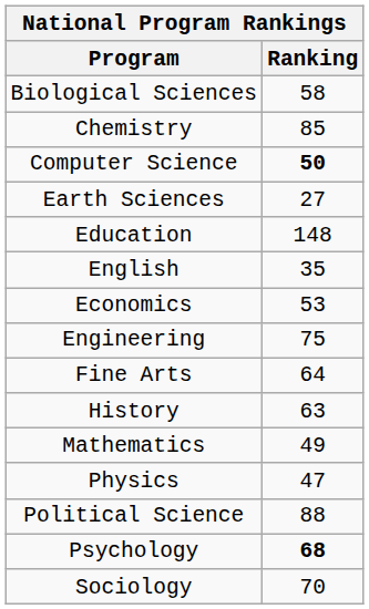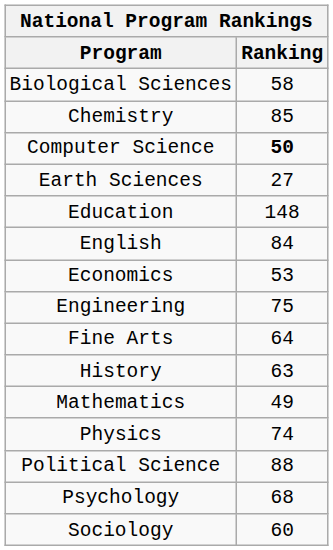 <table class="wikitable sortable collapsible collapsed" style="float:right; text-align:center">
 <tr>
 <th colspan=4>National Program Rankings</th>
 </tr>
 <tr>
 <th>Program</th>
 <th>Ranking</th>
 </tr>
 <tr>
 <td>Biological Sciences</td>
 <td>58</td>
 </tr>
 <tr>
 <td>Chemistry</td>
 <td>85</td>
 </tr>
 <tr>
 <td>Computer Science</td>
 <td><strong>50</strong></td>
 </tr>
 <tr>
 <td>Earth Sciences</td>
 <td>27</td>
 </tr>
 <tr>
 <td>Education</td>
 <td>148</td>
 </tr>
 <tr>
 <td>English</td>
-<td>35</td>
+<td>84</td>
 </tr>
 <tr>
 <td>Economics</td>
 <td>53</td>
 </tr>
 <tr>
 <td>Engineering</td>
 <td>75</td>
 </tr>
 <tr>
 <td>Fine Arts</td>
 <td>64</td>
 </tr>
 <tr>
 <td>History</td>
 <td>63</td>
 </tr>
 <tr>
 <td>Mathematics</td>
 <td>49</td>
 </tr>
 <tr>
 <td>Physics</td>
-<td>47</td>
+<td>74</td>
 </tr>
 <tr>
 <td>Political Science</td>
 <td>88</td>
 </tr>
 <tr>
 <td>Psychology</td>
-<td><strong>68</strong></td>
+<td>68</td>
 </tr>
 <tr>
 <td>Sociology</td>
-<td>70</td>
+<td>60</td>
 </tr>
 </table>
